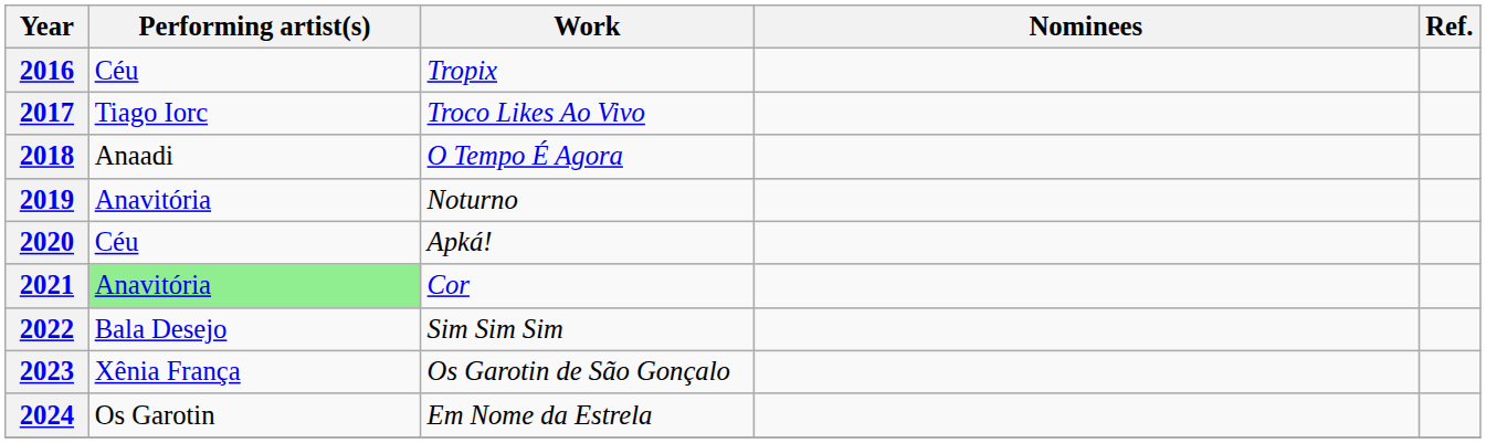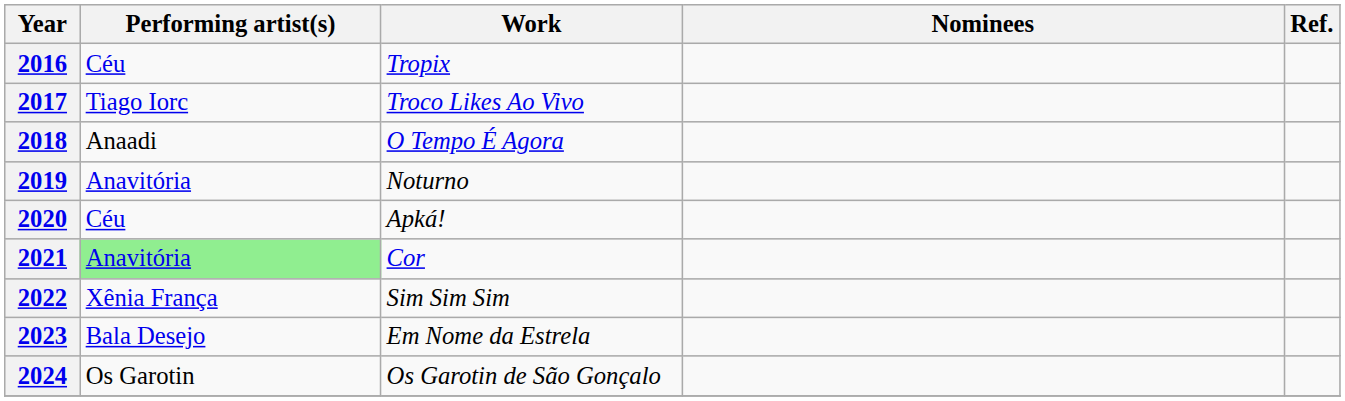 <table class="wikitable">
 <tr>
 <th width="5%">Year</th>
 <th width="20%">Performing artist(s)</th>
 <th width="20%">Work</th>
 <th width="40%">Nominees</th>
 <th width="1%">Ref.</th>
 </tr>
 <tr>
 <th><a href='#'>2016</a></th>
 <td><a href='#'>Céu</a></td>
 <td><em><a href='#'>Tropix</a></em></td>
 <td></td>
 <td></td>
 </tr>
 <tr>
 <th><a href='#'>2017</a></th>
 <td><a href='#'>Tiago Iorc</a></td>
 <td><em><a href='#'>Troco Likes Ao Vivo</a></em></td>
 <td></td>
 <td></td>
 </tr>
 <tr>
 <th><a href='#'>2018</a></th>
 <td>Anaadi</td>
 <td><em><a href='#'>O Tempo É Agora</a></em></td>
 <td></td>
 <td></td>
 </tr>
 <tr>
 <th><a href='#'>2019</a></th>
 <td><a href='#'>Anavitória</a></td>
 <td><em>Noturno</em></td>
 <td></td>
 <td></td>
 </tr>
 <tr>
 <th><a href='#'>2020</a></th>
 <td><a href='#'>Céu</a></td>
 <td><em>Apká!</em></td>
 <td></td>
 <td></td>
 </tr>
 <tr>
 <th style="text-align:center;"><a href='#'>2021</a></th>
 <td style="background: lightgreen;"><a href='#'>Anavitória</a></td>
 <td><em><a href='#'>Cor</a></em></td>
 <td></td>
 <td></td>
 </tr>
 <tr>
 <th><a href='#'>2022</a></th>
-<td><a href='#'>Bala Desejo</a></td>
+<td><a href='#'>Xênia França</a></td>
 <td><em>Sim Sim Sim</em></td>
 <td></td>
 <td></td>
 </tr>
 <tr>
 <th style="text-align:center;" scope="row"><a href='#'><strong>2023</strong></a></th>
-<td><a href='#'>Xênia França</a></td>
-<td><em>Os Garotin de São Gonçalo</em></td>
+<td><a href='#'>Bala Desejo</a></td>
+<td><em>Em Nome da Estrela</em></td>
 <td></td>
 <td style="text-align:center;"></td>
 </tr>
 <tr>
 <th style="text-align:center;" scope="row"><a href='#'><strong>2024</strong></a></th>
 <td>Os Garotin</td>
-<td><em>Em Nome da Estrela</em></td>
+<td><em>Os Garotin de São Gonçalo</em></td>
 <td></td>
 <td align="center"></td>
 </tr>
 <tr>
 </tr>
 </table>
